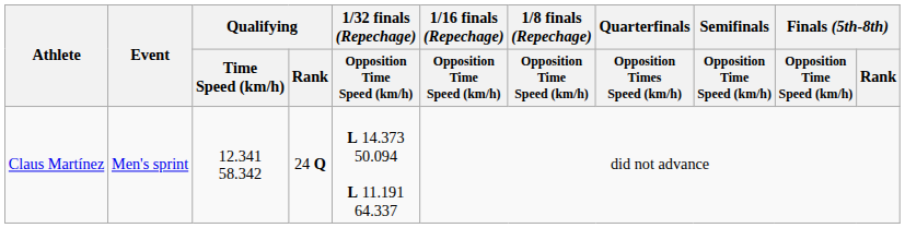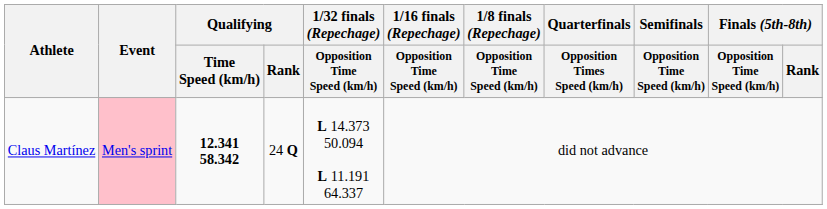 <table class=wikitable style="font-size:90%">
 <tr>
 <th rowspan="2">Athlete</th>
 <th rowspan="2">Event</th>
 <th colspan="2">Qualifying</th>
 <th>1/32 finals<br><em>(Repechage)</em></th>
 <th>1/16 finals<br><em>(Repechage)</em></th>
 <th>1/8 finals<br><em>(Repechage)</em></th>
 <th>Quarterfinals</th>
 <th>Semifinals</th>
 <th colspan="2">Finals <em>(5th-8th)</em></th>
 </tr>
 <tr>
 <th>Time<br>Speed (km/h)</th>
 <th>Rank</th>
 <th style="line-height:1em"><small>Opposition<br>Time<br>Speed (km/h)</small></th>
 <th style="line-height:1em"><small>Opposition<br>Time<br>Speed (km/h)</small></th>
 <th style="line-height:1em"><small>Opposition<br>Time<br>Speed (km/h)</small></th>
 <th style="line-height:1em"><small>Opposition<br>Times<br>Speed (km/h)</small></th>
 <th style="line-height:1em"><small>Opposition<br>Time<br>Speed (km/h)</small></th>
 <th style="line-height:1em"><small>Opposition<br>Time<br>Speed (km/h)</small></th>
 <th>Rank</th>
 </tr>
 <tr>
 <td><a href='#'>Claus Martínez</a></td>
-<td><a href='#'>Men's sprint</a></td>
-<td align=center>12.341<br>58.342</td>
+<td style="background: pink;"><a href='#'>Men's sprint</a></td>
+<td align=center><strong>12.341<br>58.342</strong></td>
 <td align=center>24 <strong>Q</strong></td>
 <td align=center><br><strong>L</strong> 14.373<br>50.094<br><br><strong>L</strong> 11.191<br>64.337</td>
 <td align=center colspan=6>did not advance</td>
 </tr>
 </table>
